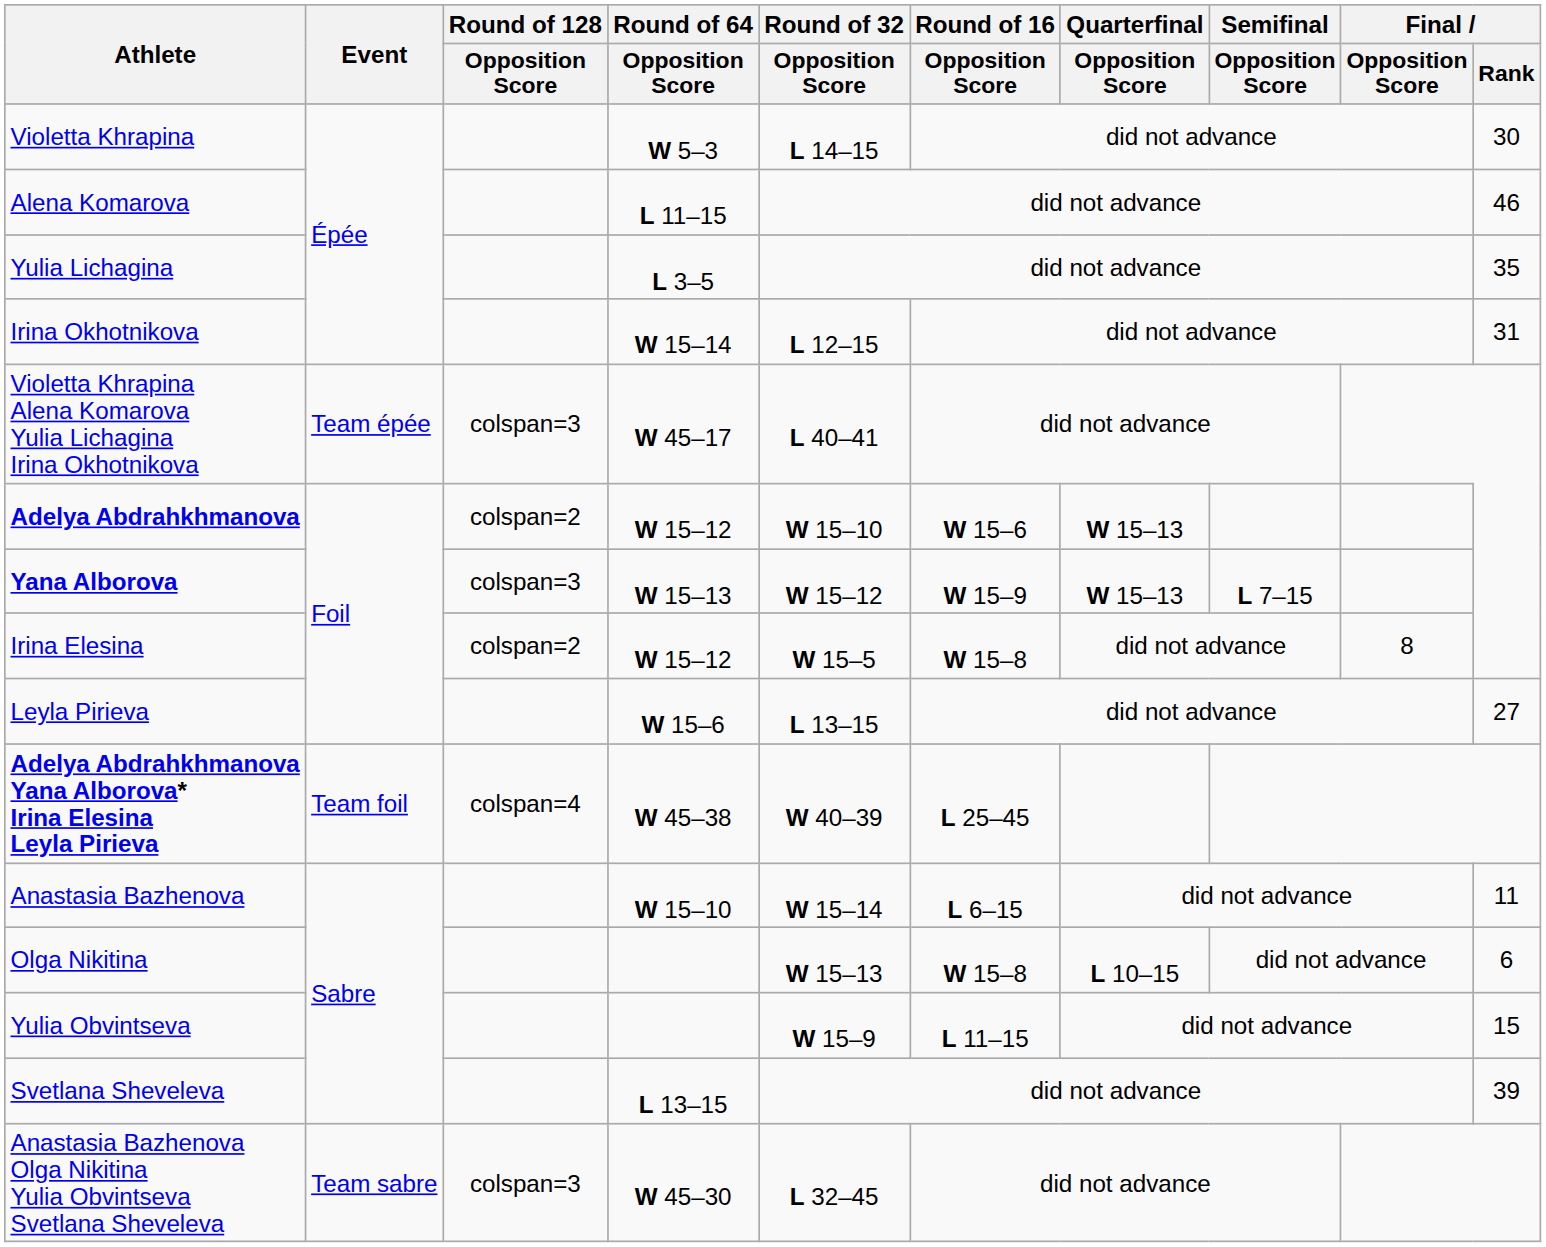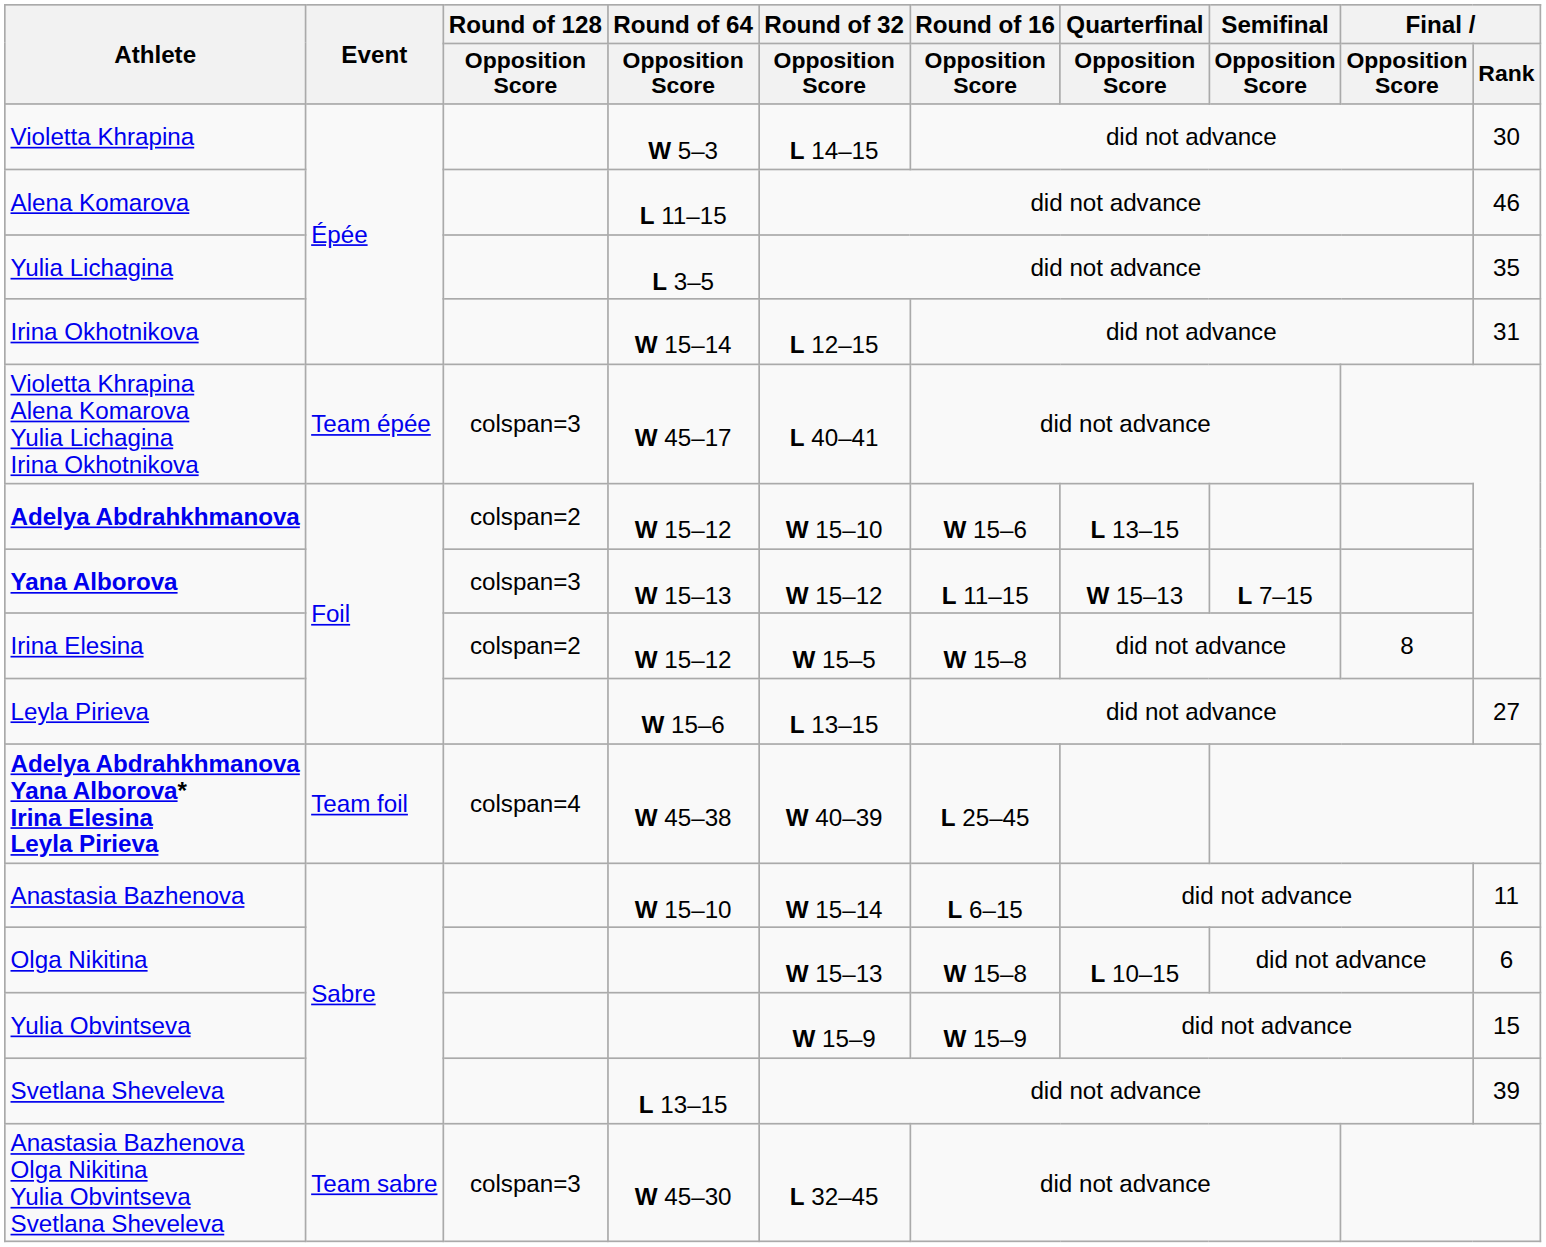 <table class="wikitable" style="text-align:center; font-size:90%">
 <tr>
 <th rowspan=2>Athlete</th>
 <th rowspan=2>Event</th>
 <th>Round of 128</th>
 <th>Round of 64</th>
 <th>Round of 32</th>
 <th>Round of 16</th>
 <th>Quarterfinal</th>
 <th>Semifinal</th>
 <th colspan=2>Final / </th>
 </tr>
 <tr style="font-size:95%">
 <th>Opposition<br>Score</th>
 <th>Opposition<br>Score</th>
 <th>Opposition<br>Score</th>
 <th>Opposition<br>Score</th>
 <th>Opposition<br>Score</th>
 <th>Opposition<br>Score</th>
 <th>Opposition<br>Score</th>
 <th>Rank</th>
 </tr>
 <tr>
 <td align=left><a href='#'>Violetta Khrapina</a></td>
 <td align=left rowspan=4><a href='#'>Épée</a></td>
 <td></td>
 <td><br><strong>W</strong> 5–3</td>
 <td><br><strong>L</strong> 14–15</td>
 <td colspan=4>did not advance</td>
 <td>30</td>
 </tr>
 <tr>
 <td align=left><a href='#'>Alena Komarova</a></td>
 <td></td>
 <td><br><strong>L</strong> 11–15</td>
 <td colspan=5>did not advance</td>
 <td>46</td>
 </tr>
 <tr>
 <td align=left><a href='#'>Yulia Lichagina</a></td>
 <td></td>
 <td><br><strong>L</strong> 3–5</td>
 <td colspan=5>did not advance</td>
 <td>35</td>
 </tr>
 <tr>
 <td align=left><a href='#'>Irina Okhotnikova</a></td>
 <td></td>
 <td><br><strong>W</strong> 15–14</td>
 <td><br><strong>L</strong> 12–15</td>
 <td colspan=4>did not advance</td>
 <td>31</td>
 </tr>
 <tr>
 <td align=left><a href='#'>Violetta Khrapina</a><br><a href='#'>Alena Komarova</a><br><a href='#'>Yulia Lichagina</a><br><a href='#'>Irina Okhotnikova</a></td>
 <td align=left><a href='#'>Team épée</a></td>
 <td>colspan=3 </td>
 <td><br><strong>W</strong> 45–17</td>
 <td><br><strong>L</strong> 40–41</td>
 <td colspan=3>did not advance</td>
 </tr>
 <tr>
 <td align=left><strong><a href='#'>Adelya Abdrahkhmanova</a></strong></td>
 <td align=left rowspan=4><a href='#'>Foil</a></td>
 <td>colspan=2 </td>
 <td><br><strong>W</strong> 15–12</td>
 <td><br><strong>W</strong> 15–10</td>
 <td><br><strong>W</strong> 15–6</td>
-<td><br><strong>W</strong> 15–13</td>
+<td><br><strong>L</strong> 13–15</td>
 <td></td>
 <td></td>
 </tr>
 <tr>
 <td align=left><strong><a href='#'>Yana Alborova</a></strong></td>
 <td>colspan=3 </td>
 <td><br><strong>W</strong> 15–13</td>
 <td><br><strong>W</strong> 15–12</td>
-<td><br><strong>W</strong> 15–9</td>
+<td><br><strong>L</strong> 11–15</td>
 <td><br><strong>W</strong> 15–13</td>
 <td><br><strong>L</strong> 7–15</td>
 <td></td>
 </tr>
 <tr>
 <td align=left><a href='#'>Irina Elesina</a></td>
 <td>colspan=2 </td>
 <td><br><strong>W</strong> 15–12</td>
 <td><br><strong>W</strong> 15–5</td>
 <td><br><strong>W</strong> 15–8</td>
 <td colspan=2>did not advance</td>
 <td>8</td>
 </tr>
 <tr>
 <td align=left><a href='#'>Leyla Pirieva</a></td>
 <td></td>
 <td><br><strong>W</strong> 15–6</td>
 <td><br><strong>L</strong> 13–15</td>
 <td colspan=4>did not advance</td>
 <td>27</td>
 </tr>
 <tr>
 <td align=left><strong><a href='#'>Adelya Abdrahkhmanova</a><br><a href='#'>Yana Alborova</a>*<br><a href='#'>Irina Elesina</a><br><a href='#'>Leyla Pirieva</a></strong></td>
 <td align=left><a href='#'>Team foil</a></td>
 <td>colspan=4 </td>
 <td><br><strong>W</strong> 45–38</td>
 <td><br><strong>W</strong> 40–39</td>
 <td><br><strong>L</strong> 25–45</td>
 <td></td>
 </tr>
 <tr>
 <td align=left><a href='#'>Anastasia Bazhenova</a></td>
 <td align=left rowspan=4><a href='#'>Sabre</a></td>
 <td></td>
 <td><br><strong>W</strong> 15–10</td>
 <td><br><strong>W</strong> 15–14</td>
 <td><br><strong>L</strong> 6–15</td>
 <td colspan=3>did not advance</td>
 <td>11</td>
 </tr>
 <tr>
 <td align=left><a href='#'>Olga Nikitina</a></td>
 <td></td>
 <td></td>
 <td><br><strong>W</strong> 15–13</td>
 <td><br><strong>W</strong> 15–8</td>
 <td><br><strong>L</strong> 10–15</td>
 <td colspan=2>did not advance</td>
 <td>6</td>
 </tr>
 <tr>
 <td align=left><a href='#'>Yulia Obvintseva</a></td>
 <td></td>
 <td></td>
 <td><br><strong>W</strong> 15–9</td>
-<td><br><strong>L</strong> 11–15</td>
+<td><br><strong>W</strong> 15–9</td>
 <td colspan=3>did not advance</td>
 <td>15</td>
 </tr>
 <tr>
 <td align=left><a href='#'>Svetlana Sheveleva</a></td>
 <td></td>
 <td><br><strong>L</strong> 13–15</td>
 <td colspan=5>did not advance</td>
 <td>39</td>
 </tr>
 <tr>
 <td align=left><a href='#'>Anastasia Bazhenova</a><br><a href='#'>Olga Nikitina</a><br><a href='#'>Yulia Obvintseva</a><br><a href='#'>Svetlana Sheveleva</a></td>
 <td align=left><a href='#'>Team sabre</a></td>
 <td>colspan=3 </td>
 <td><br><strong>W</strong> 45–30</td>
 <td><br><strong>L</strong> 32–45</td>
 <td colspan=3>did not advance</td>
 </tr>
 </table>
